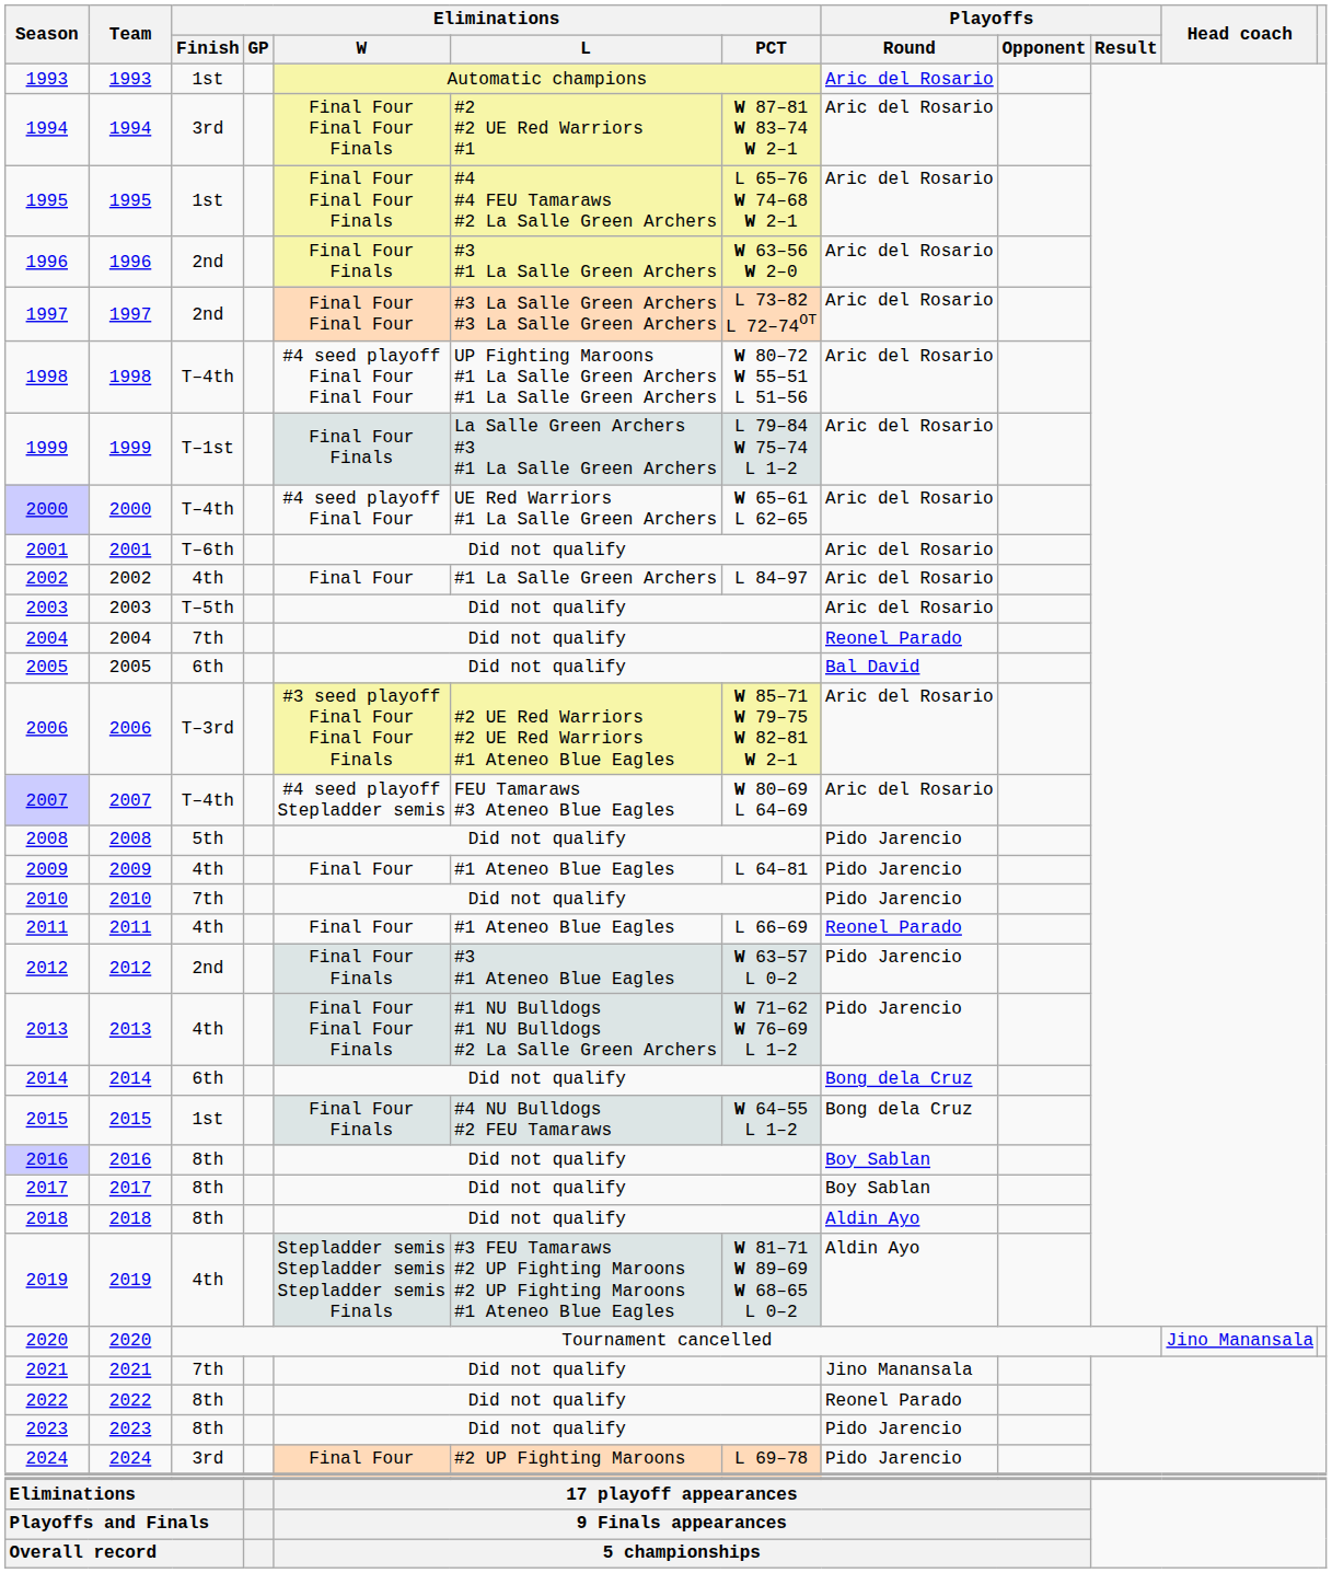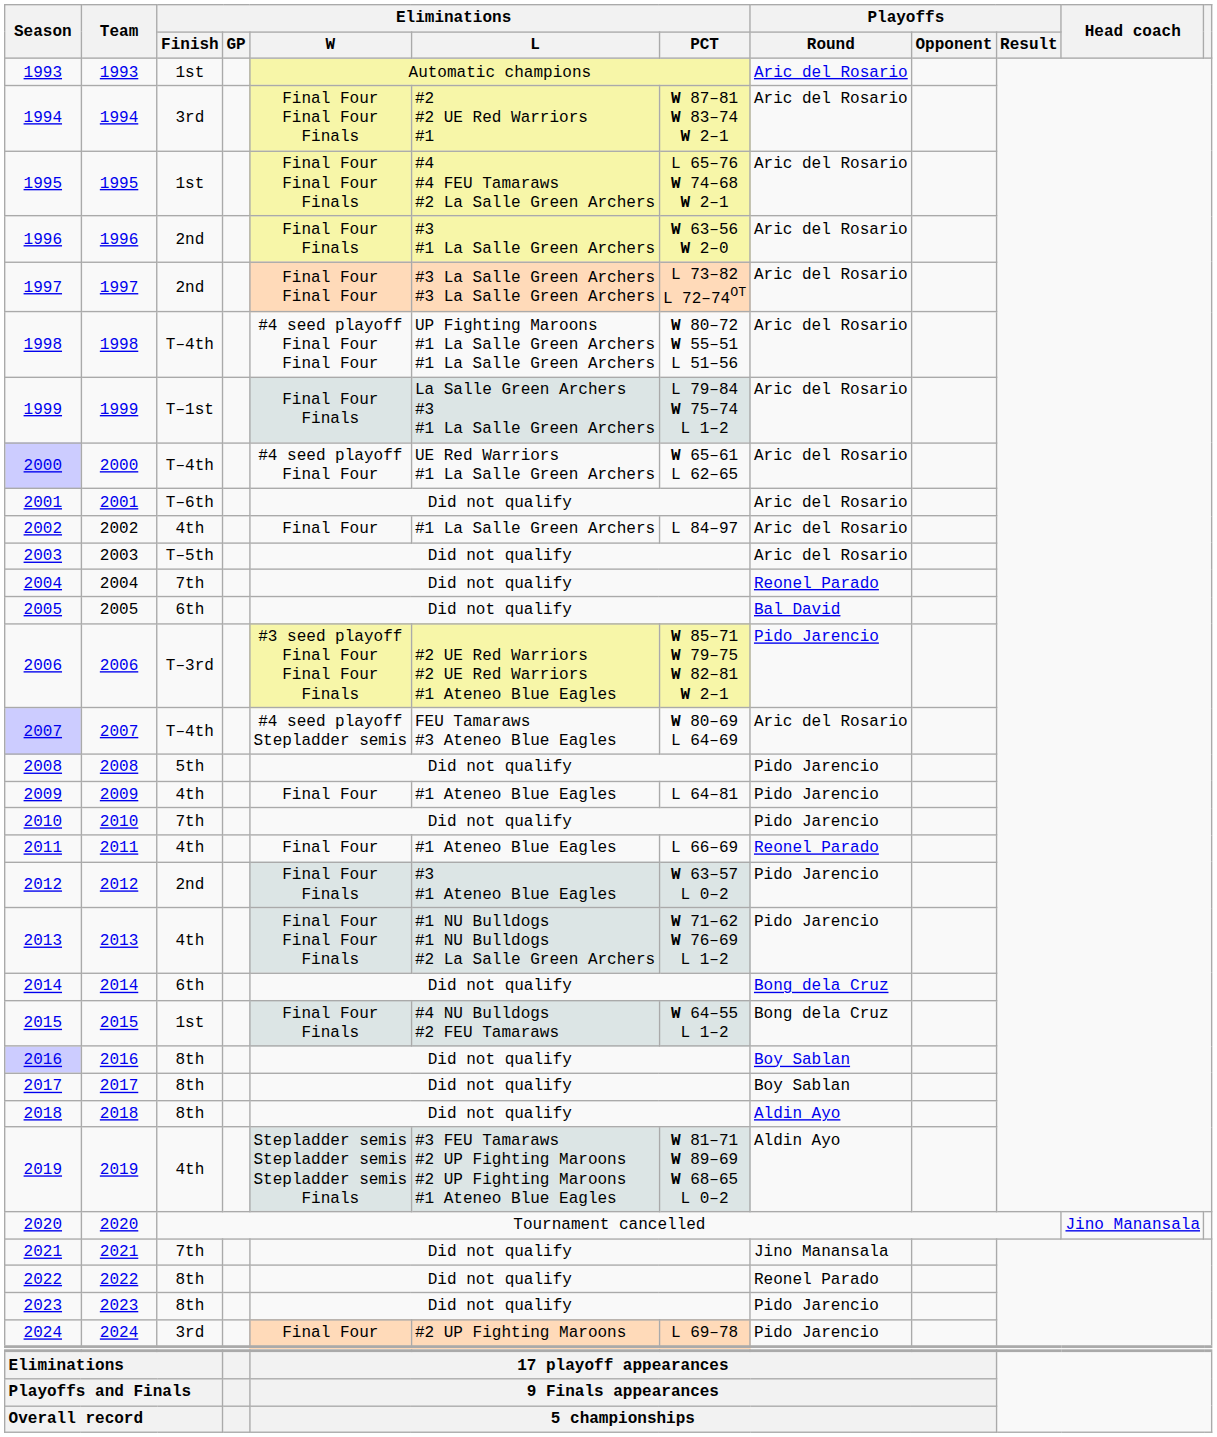 <table class=wikitable style="text-align:center; font-size:90%;">
 <tr>
 <th width=50px rowspan=2>Season</th>
 <th width=50px rowspan=2>Team</th>
 <th colspan=5>Eliminations</th>
 <th colspan=3>Playoffs</th>
 <th rowspan=2>Head coach</th>
 <th rowspan=2></th>
 </tr>
 <tr>
 <th>Finish</th>
 <th>GP</th>
 <th>W</th>
 <th>L</th>
 <th>PCT</th>
 <th>Round</th>
 <th>Opponent</th>
 <th>Result</th>
 </tr>
 <tr>
 <td><a href='#'>1993</a></td>
 <td><a href='#'>1993</a></td>
 <td>1st</td>
 <td></td>
 <td bgcolor=#F7F6A8 colspan=3>Automatic champions</td>
 <td align=left><a href='#'>Aric del Rosario</a></td>
 <td></td>
 </tr>
 <tr>
 <td><a href='#'>1994</a></td>
 <td><a href='#'>1994</a></td>
 <td>3rd</td>
 <td></td>
 <td bgcolor=#F7F6A8>Final Four<br>Final Four<br>Finals</td>
 <td bgcolor=#F7F6A8 align=left>#2 <br>#2 UE Red Warriors<br>#1 </td>
 <td bgcolor=#F7F6A8><strong>W</strong> 87–81<br><strong>W</strong> 83–74<br><strong>W</strong> 2–1</td>
 <td valign=top align=left>Aric del Rosario</td>
 <td><br></td>
 </tr>
 <tr>
 <td><a href='#'>1995</a></td>
 <td><a href='#'>1995</a></td>
 <td>1st</td>
 <td></td>
 <td bgcolor=#F7F6A8>Final Four<br>Final Four<br>Finals</td>
 <td bgcolor=#F7F6A8 align=left>#4 <br>#4 FEU Tamaraws<br>#2 La Salle Green Archers</td>
 <td bgcolor=#F7F6A8>L 65–76<br><strong>W</strong> 74–68<br><strong>W</strong> 2–1</td>
 <td valign=top align=left>Aric del Rosario</td>
 <td></td>
 </tr>
 <tr>
 <td><a href='#'>1996</a></td>
 <td><a href='#'>1996</a></td>
 <td>2nd</td>
 <td></td>
 <td bgcolor=#F7F6A8>Final Four<br>Finals</td>
 <td bgcolor=#F7F6A8 align=left>#3 <br>#1 La Salle Green Archers</td>
 <td bgcolor=#F7F6A8><strong>W</strong> 63–56<br><strong>W</strong> 2–0</td>
 <td valign=top align=left>Aric del Rosario</td>
 <td><br></td>
 </tr>
 <tr>
 <td><a href='#'>1997</a></td>
 <td><a href='#'>1997</a></td>
 <td>2nd</td>
 <td></td>
 <td bgcolor=#FFDAB9>Final Four<br>Final Four</td>
 <td bgcolor=#FFDAB9 align=left>#3 La Salle Green Archers<br>#3 La Salle Green Archers</td>
 <td bgcolor=#FFDAB9>L 73–82<br>L 72–74<sup>OT</sup></td>
 <td valign=top align=left>Aric del Rosario</td>
 <td><br></td>
 </tr>
 <tr>
 <td><a href='#'>1998</a></td>
 <td><a href='#'>1998</a></td>
 <td>T–4th</td>
 <td></td>
 <td>#4 seed playoff<br>Final Four<br>Final Four</td>
 <td align=left>UP Fighting Maroons<br>#1 La Salle Green Archers<br>#1 La Salle Green Archers</td>
 <td><strong>W</strong> 80–72<br><strong>W</strong> 55–51<br>L 51–56</td>
 <td valign=top align=left>Aric del Rosario</td>
 <td></td>
 </tr>
 <tr>
 <td><a href='#'>1999</a></td>
 <td><a href='#'>1999</a></td>
 <td>T–1st</td>
 <td></td>
 <td bgcolor=#DCE5E5>Final Four<br>Finals</td>
 <td bgcolor=#DCE5E5 align=left>La Salle Green Archers<br>#3 <br>#1 La Salle Green Archers</td>
 <td bgcolor=#DCE5E5>L 79–84<br><strong>W</strong> 75–74<br>L 1–2</td>
 <td valign=top align=left>Aric del Rosario</td>
 <td></td>
 </tr>
 <tr>
 <td bgcolor=#CCCCFF><a href='#'>2000</a></td>
 <td><a href='#'>2000</a></td>
 <td>T–4th</td>
 <td></td>
 <td>#4 seed playoff<br>Final Four</td>
 <td align=left>UE Red Warriors<br>#1 La Salle Green Archers</td>
 <td><strong>W</strong> 65–61<br>L 62–65</td>
 <td valign=top align=left>Aric del Rosario</td>
 <td><br></td>
 </tr>
 <tr>
 <td><a href='#'>2001</a></td>
 <td><a href='#'>2001</a></td>
 <td>T–6th</td>
 <td></td>
 <td colspan=3>Did not qualify</td>
 <td align=left>Aric del Rosario</td>
 <td></td>
 </tr>
 <tr>
 <td><a href='#'>2002</a></td>
 <td>2002</td>
 <td>4th</td>
 <td></td>
 <td>Final Four</td>
 <td align=left>#1 La Salle Green Archers</td>
 <td>L 84–97</td>
 <td align=left>Aric del Rosario</td>
 <td></td>
 </tr>
 <tr>
 <td><a href='#'>2003</a></td>
 <td>2003</td>
 <td>T–5th</td>
 <td></td>
 <td colspan=3>Did not qualify</td>
 <td align=left>Aric del Rosario</td>
 <td></td>
 </tr>
 <tr>
 <td><a href='#'>2004</a></td>
 <td>2004</td>
 <td>7th</td>
 <td></td>
 <td colspan=3>Did not qualify</td>
 <td align=left><a href='#'>Reonel Parado</a></td>
 <td></td>
 </tr>
 <tr>
 <td><a href='#'>2005</a></td>
 <td>2005</td>
 <td>6th</td>
 <td></td>
 <td colspan=3>Did not qualify</td>
 <td align=left><a href='#'>Bal David</a></td>
 <td></td>
 </tr>
 <tr>
 <td><a href='#'>2006</a></td>
 <td><a href='#'>2006</a></td>
 <td>T–3rd</td>
 <td></td>
 <td bgcolor=#F7F6A8>#3 seed playoff<br>Final Four<br>Final Four<br>Finals</td>
 <td bgcolor=#F7F6A8 align=left><br>#2 UE Red Warriors<br>#2 UE Red Warriors<br>#1 Ateneo Blue Eagles</td>
 <td bgcolor=#F7F6A8><strong>W</strong> 85–71<br><strong>W</strong> 79–75<br><strong>W</strong> 82–81<br><strong>W</strong> 2–1</td>
-<td valign=top align=left>Aric del Rosario</td>
+<td valign=top align=left><a href='#'>Pido Jarencio</a></td>
 <td><br></td>
 </tr>
 <tr>
 <td bgcolor=#CCCCFF><a href='#'>2007</a></td>
 <td><a href='#'>2007</a></td>
 <td>T–4th</td>
 <td></td>
 <td>#4 seed playoff<br>Stepladder semis</td>
 <td align=left>FEU Tamaraws<br>#3 Ateneo Blue Eagles</td>
 <td><strong>W</strong> 80–69<br>L 64–69</td>
 <td valign=top align=left>Aric del Rosario</td>
 <td></td>
 </tr>
 <tr>
 <td><a href='#'>2008</a></td>
 <td><a href='#'>2008</a></td>
 <td>5th</td>
 <td></td>
 <td colspan=3>Did not qualify</td>
 <td align=left>Pido Jarencio</td>
 <td></td>
 </tr>
 <tr>
 <td><a href='#'>2009</a></td>
 <td><a href='#'>2009</a></td>
 <td>4th</td>
 <td></td>
 <td>Final Four</td>
 <td align=left>#1 Ateneo Blue Eagles</td>
 <td>L 64–81</td>
 <td align=left>Pido Jarencio</td>
 <td></td>
 </tr>
 <tr>
 <td><a href='#'>2010</a></td>
 <td><a href='#'>2010</a></td>
 <td>7th</td>
 <td></td>
 <td colspan=3>Did not qualify</td>
 <td align=left>Pido Jarencio</td>
 <td></td>
 </tr>
 <tr>
 <td><a href='#'>2011</a></td>
 <td><a href='#'>2011</a></td>
 <td>4th</td>
 <td></td>
 <td>Final Four</td>
 <td align=left>#1 Ateneo Blue Eagles</td>
 <td>L 66–69</td>
 <td align=left><a href='#'>Reonel Parado</a></td>
 <td></td>
 </tr>
 <tr>
 <td><a href='#'>2012</a></td>
 <td><a href='#'>2012</a></td>
 <td>2nd</td>
 <td></td>
 <td bgcolor=#DCE5E5>Final Four<br>Finals</td>
 <td bgcolor=#DCE5E5 align=left>#3 <br>#1 Ateneo Blue Eagles</td>
 <td bgcolor=#DCE5E5><strong>W</strong> 63–57<br>L 0–2</td>
 <td valign=top align=left>Pido Jarencio</td>
 <td></td>
 </tr>
 <tr>
 <td><a href='#'>2013</a></td>
 <td><a href='#'>2013</a></td>
 <td>4th</td>
 <td></td>
 <td bgcolor=#DCE5E5>Final Four<br>Final Four<br>Finals</td>
 <td bgcolor=#DCE5E5 align=left>#1 NU Bulldogs<br>#1 NU Bulldogs<br>#2 La Salle Green Archers</td>
 <td bgcolor=#DCE5E5><strong>W</strong> 71–62<br><strong>W</strong> 76–69<br>L 1–2</td>
 <td valign=top align=left>Pido Jarencio</td>
 <td><br></td>
 </tr>
 <tr>
 <td><a href='#'>2014</a></td>
 <td><a href='#'>2014</a></td>
 <td>6th</td>
 <td></td>
 <td colspan=3>Did not qualify</td>
 <td align=left><a href='#'>Bong dela Cruz</a></td>
 <td></td>
 </tr>
 <tr>
 <td><a href='#'>2015</a></td>
 <td><a href='#'>2015</a></td>
 <td>1st</td>
 <td></td>
 <td bgcolor=#DCE5E5>Final Four<br>Finals</td>
 <td bgcolor=#DCE5E5 align=left>#4 NU Bulldogs<br>#2 FEU Tamaraws</td>
 <td bgcolor=#DCE5E5><strong>W</strong> 64–55<br>L 1–2</td>
 <td valign=top align=left>Bong dela Cruz</td>
 <td></td>
 </tr>
 <tr>
 <td bgcolor=#CCCCFF><a href='#'>2016</a></td>
 <td><a href='#'>2016</a></td>
 <td>8th</td>
 <td></td>
 <td colspan=3>Did not qualify</td>
 <td align=left><a href='#'>Boy Sablan</a></td>
 <td></td>
 </tr>
 <tr>
 <td><a href='#'>2017</a></td>
 <td><a href='#'>2017</a></td>
 <td>8th</td>
 <td></td>
 <td colspan=3>Did not qualify</td>
 <td align=left>Boy Sablan</td>
 <td></td>
 </tr>
 <tr>
 <td><a href='#'>2018</a></td>
 <td><a href='#'>2018</a></td>
 <td>8th</td>
 <td></td>
 <td colspan=3>Did not qualify</td>
 <td align=left><a href='#'>Aldin Ayo</a></td>
 <td></td>
 </tr>
 <tr>
 <td><a href='#'>2019</a></td>
 <td><a href='#'>2019</a></td>
 <td>4th</td>
 <td></td>
 <td bgcolor=#DCE5E5>Stepladder semis<br>Stepladder semis<br>Stepladder semis<br>Finals</td>
 <td bgcolor=#DCE5E5 align=left>#3 FEU Tamaraws<br>#2 UP Fighting Maroons<br>#2 UP Fighting Maroons<br>#1 Ateneo Blue Eagles</td>
 <td bgcolor=#DCE5E5><strong>W</strong> 81–71<br><strong>W</strong> 89–69<br><strong>W</strong> 68–65<br>L 0–2</td>
 <td valign=top align=left>Aldin Ayo</td>
 <td><br></td>
 </tr>
 <tr>
 <td><a href='#'>2020</a></td>
 <td><a href='#'>2020</a></td>
 <td colspan=8>Tournament cancelled</td>
 <td align=left><a href='#'>Jino Manansala</a></td>
 <td></td>
 </tr>
 <tr>
 <td><a href='#'>2021</a></td>
 <td><a href='#'>2021</a></td>
 <td>7th</td>
 <td></td>
 <td colspan=3>Did not qualify</td>
 <td align=left>Jino Manansala</td>
 <td></td>
 </tr>
 <tr>
 <td><a href='#'>2022</a></td>
 <td><a href='#'>2022</a></td>
 <td>8th</td>
 <td></td>
 <td colspan=3>Did not qualify</td>
 <td align=left>Reonel Parado</td>
 <td></td>
 </tr>
 <tr>
 <td><a href='#'>2023</a></td>
 <td><a href='#'>2023</a></td>
 <td>8th</td>
 <td></td>
 <td colspan=3>Did not qualify</td>
 <td align=left>Pido Jarencio</td>
 <td></td>
 </tr>
 <tr>
 <td><a href='#'>2024</a></td>
 <td><a href='#'>2024</a></td>
 <td>3rd</td>
 <td></td>
 <td bgcolor=#FFDAB9>Final Four</td>
 <td bgcolor=#FFDAB9 align=left>#2 UP Fighting Maroons</td>
 <td bgcolor=#FFDAB9>L 69–78</td>
 <td align=left>Pido Jarencio</td>
 <td></td>
 </tr>
 <tr style="background:#dddddd; border-top: 5px double #aaaaaa;">
 <th style="text-align:left;" colspan=3>Eliminations</th>
 <th></th>
 <th colspan="5">17 playoff appearances</th>
 </tr>
 <tr>
 <th style="text-align:left;" colspan=3>Playoffs and Finals</th>
 <th></th>
 <th colspan="5">9 Finals appearances</th>
 </tr>
 <tr>
 <th style="text-align:left;" colspan=3>Overall record</th>
 <th></th>
 <th colspan="5">5 championships</th>
 </tr>
 </table>
